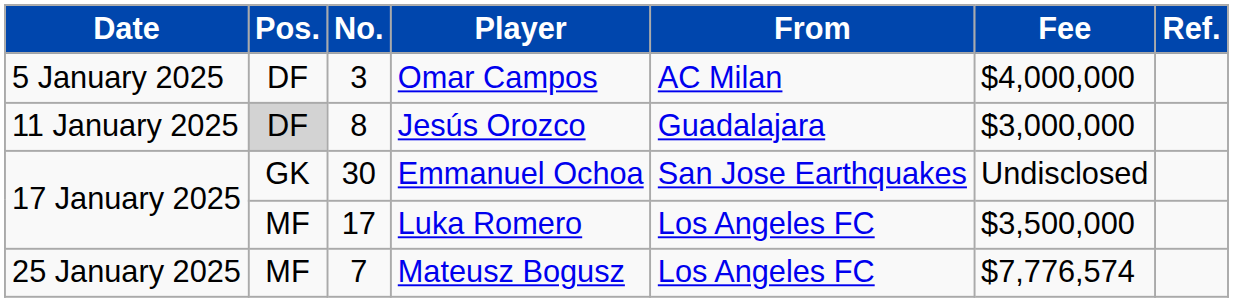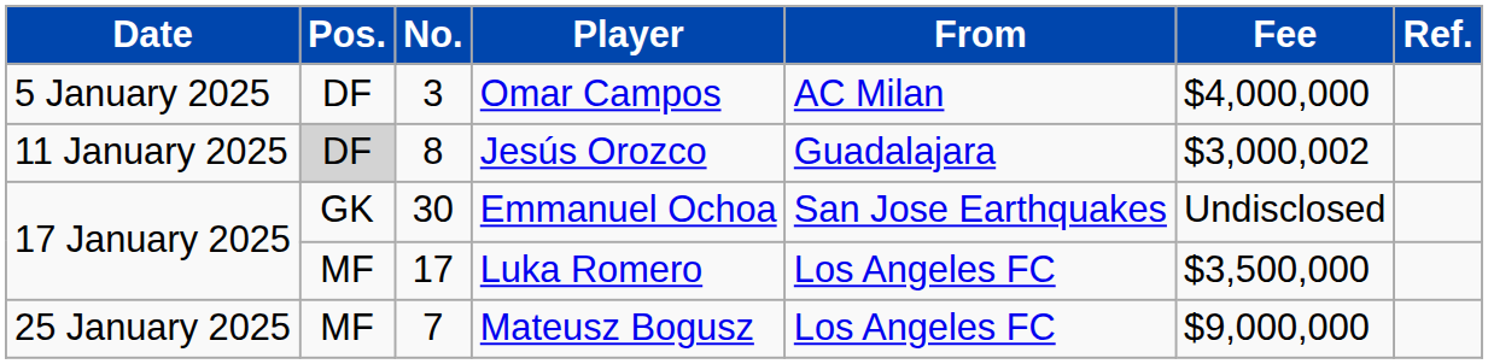 <table class="wikitable plainrowheaders sortable">
 <tr>
 <th style="background:#0046AD; color:#ffffff; ">Date</th>
 <th style="background:#0046AD; color:#ffffff; ">Pos.</th>
 <th style="background:#0046AD; color:#ffffff; ">No.</th>
 <th style="background:#0046AD; color:#ffffff; ">Player</th>
 <th style="background:#0046AD; color:#ffffff; ">From</th>
 <th style="background:#0046AD; color:#ffffff; ">Fee</th>
 <th style="background:#0046AD; color:#ffffff; ">Ref.</th>
 </tr>
 <tr>
 <td>5 January 2025</td>
 <td style="text-align:center;">DF</td>
 <td style="text-align:center;">3</td>
 <td style="text-align:left;"> <a href='#'>Omar Campos</a></td>
 <td style="text-align:left;"> <a href='#'>AC Milan</a></td>
 <td>$4,000,000</td>
 <td></td>
 </tr>
 <tr>
 <td>11 January 2025</td>
 <td style="background: lightgrey; text-align:center;">DF</td>
 <td style="text-align:center;">8</td>
 <td style="text-align:left;"> <a href='#'>Jesús Orozco</a></td>
 <td style="text-align:left;"> <a href='#'>Guadalajara</a></td>
-<td>$3,000,000</td>
+<td>$3,000,002</td>
 <td></td>
 </tr>
 <tr>
 <td rowspan="2">17 January 2025</td>
 <td style="text-align:center;">GK</td>
 <td style="text-align:center;">30</td>
 <td style="text-align:left;"> <a href='#'>Emmanuel Ochoa</a></td>
 <td style="text-align:left;"> <a href='#'>San Jose Earthquakes</a></td>
 <td>Undisclosed</td>
 <td></td>
 </tr>
 <tr>
 <td style="text-align:center;">MF</td>
 <td style="text-align:center;">17</td>
 <td style="text-align:left;"> <a href='#'>Luka Romero</a></td>
 <td style="text-align:left;"> <a href='#'>Los Angeles FC</a></td>
 <td>$3,500,000</td>
 <td></td>
 </tr>
 <tr>
 <td>25 January 2025</td>
 <td style="text-align:center;">MF</td>
 <td style="text-align:center;">7</td>
 <td style="text-align:left;"> <a href='#'>Mateusz Bogusz</a></td>
 <td style="text-align:left;"> <a href='#'>Los Angeles FC</a></td>
-<td>$7,776,574</td>
+<td>$9,000,000</td>
 <td></td>
 </tr>
 </table>
